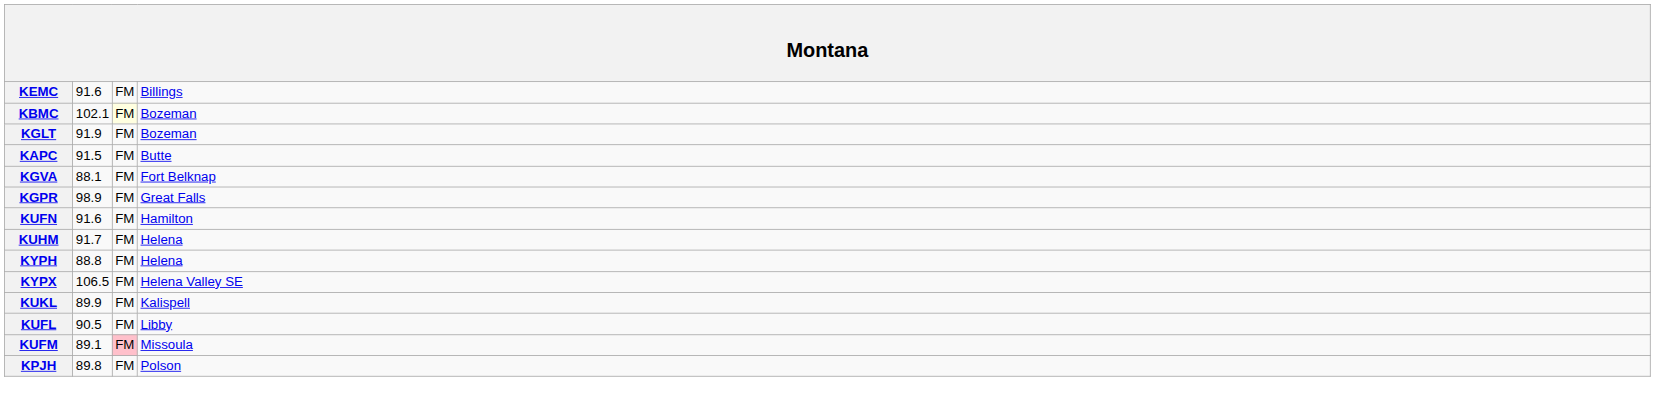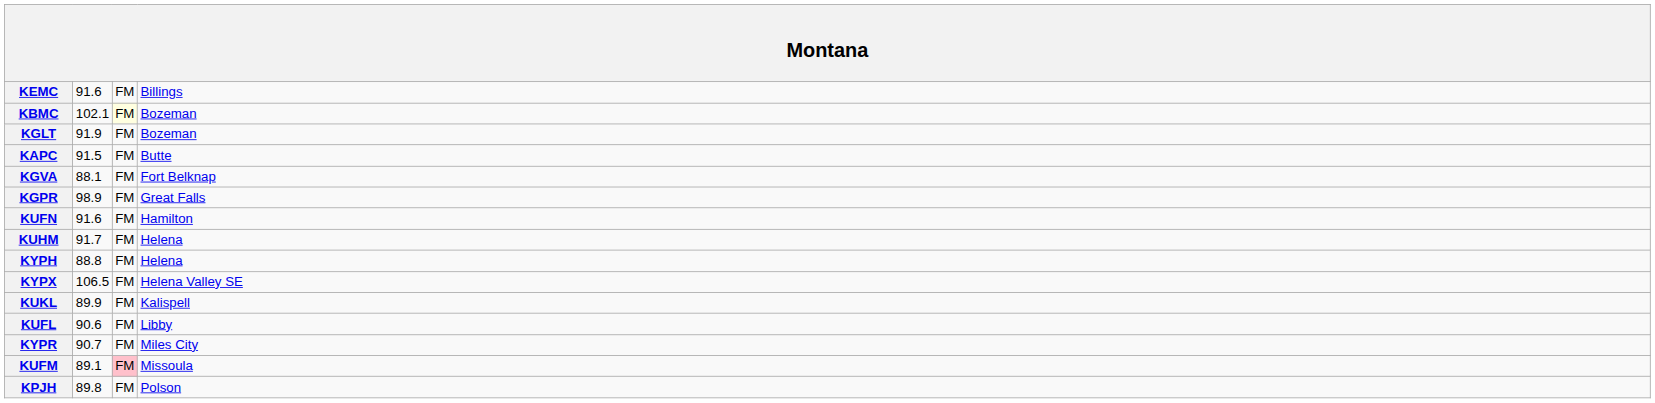 <table class="wikitable mw-collapsible" style="width:100%">
 <tr>
 <th scope="col" colspan="4"><br><h2>Montana</h2></th>
 </tr>
 <tr>
 <th scope="row" style="width: 75px;"><a href='#'>KEMC</a></th>
 <td style="width: 40px;">91.6</td>
 <td style="width: 21px;">FM</td>
 <td><a href='#'>Billings</a></td>
 </tr>
 <tr>
 <th scope="row"><a href='#'>KBMC</a></th>
 <td>102.1</td>
 <td style="background: lightyellow;">FM</td>
 <td><a href='#'>Bozeman</a></td>
 </tr>
 <tr>
 <th scope="row"><a href='#'>KGLT</a></th>
 <td>91.9</td>
 <td>FM</td>
 <td><a href='#'>Bozeman</a></td>
 </tr>
 <tr>
 <th scope="row"><a href='#'>KAPC</a></th>
 <td>91.5</td>
 <td>FM</td>
 <td><a href='#'>Butte</a></td>
 </tr>
 <tr>
 <th scope="row"><a href='#'>KGVA</a></th>
 <td>88.1</td>
 <td>FM</td>
 <td><a href='#'>Fort Belknap</a></td>
 </tr>
 <tr>
 <th scope="row"><a href='#'>KGPR</a></th>
 <td>98.9</td>
 <td>FM</td>
 <td><a href='#'>Great Falls</a></td>
 </tr>
 <tr>
 <th scope="row"><a href='#'>KUFN</a></th>
 <td>91.6</td>
 <td>FM</td>
 <td><a href='#'>Hamilton</a></td>
 </tr>
 <tr>
 <th scope="row"><a href='#'>KUHM</a></th>
 <td>91.7</td>
 <td>FM</td>
 <td><a href='#'>Helena</a></td>
 </tr>
 <tr>
 <th scope="row"><a href='#'>KYPH</a></th>
 <td>88.8</td>
 <td>FM</td>
 <td><a href='#'>Helena</a></td>
 </tr>
 <tr>
 <th scope="row"><a href='#'>KYPX</a></th>
 <td>106.5</td>
 <td>FM</td>
 <td><a href='#'>Helena Valley SE</a></td>
 </tr>
 <tr>
 <th scope="row"><a href='#'>KUKL</a></th>
 <td>89.9</td>
 <td>FM</td>
 <td><a href='#'>Kalispell</a></td>
 </tr>
 <tr>
 <th scope="row"><a href='#'>KUFL</a></th>
-<td>90.5</td>
+<td>90.6</td>
 <td>FM</td>
 <td><a href='#'>Libby</a></td>
+</tr>
+<tr>
+<th scope="row"><a href='#'>KYPR</a></th>
+<td>90.7</td>
+<td>FM</td>
+<td><a href='#'>Miles City</a></td>
 </tr>
 <tr>
 <th scope="row"><a href='#'>KUFM</a></th>
 <td>89.1</td>
 <td style="background: pink;">FM</td>
 <td><a href='#'>Missoula</a></td>
 </tr>
 <tr>
 <th scope="row"><a href='#'>KPJH</a></th>
 <td>89.8</td>
 <td>FM</td>
 <td><a href='#'>Polson</a></td>
 </tr>
 </table>
